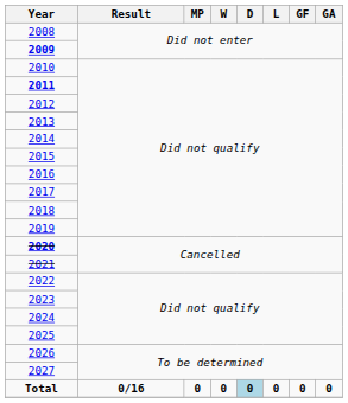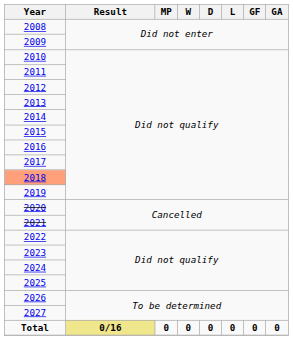 <table class="wikitable" style="text-align: center;">
 <tr>
 <th width=80>Year</th>
 <th width=120>Result</th>
 <th width=25>MP</th>
 <th width=25>W</th>
 <th width=25>D</th>
 <th width=25>L</th>
 <th width=25>GF</th>
 <th width=25>GA</th>
 </tr>
 <tr>
 <td> <a href='#'>2008</a></td>
 <td colspan=8 rowspan=2><em>Did not enter</em></td>
 </tr>
 <tr>
-<td><strong> <a href='#'>2009</a></strong></td>
+<td> <a href='#'>2009</a></td>
 </tr>
 <tr>
 <td> <a href='#'>2010</a></td>
 <td colspan=8 rowspan=10><em>Did not qualify</em></td>
 </tr>
 <tr>
-<td><strong> <a href='#'>2011</a></strong></td>
+<td> <a href='#'>2011</a></td>
 </tr>
 <tr>
 <td> <a href='#'>2012</a></td>
 </tr>
 <tr>
 <td> <a href='#'>2013</a></td>
 </tr>
 <tr>
 <td> <a href='#'>2014</a></td>
 </tr>
 <tr>
 <td> <a href='#'>2015</a></td>
 </tr>
 <tr>
 <td> <a href='#'>2016</a></td>
 </tr>
 <tr>
 <td> <a href='#'>2017</a></td>
 </tr>
 <tr>
-<td> <a href='#'>2018</a></td>
+<td style="background: lightsalmon;"> <a href='#'>2018</a></td>
 </tr>
 <tr>
 <td> <a href='#'>2019</a></td>
 </tr>
 <tr>
-<td><strong> <s><a href='#'>2020</a></s></strong></td>
+<td> <s><a href='#'>2020</a></s></td>
 <td colspan=8 rowspan=2><em>Cancelled</em></td>
 </tr>
 <tr>
 <td> <s><a href='#'>2021</a></s></td>
 </tr>
 <tr>
 <td> <a href='#'>2022</a></td>
 <td colspan=8 rowspan=4><em>Did not qualify</em></td>
 </tr>
 <tr>
 <td> <a href='#'>2023</a></td>
 </tr>
 <tr>
 <td> <a href='#'>2024</a></td>
 </tr>
 <tr>
 <td> <a href='#'>2025</a></td>
 </tr>
 <tr>
 <td> <a href='#'>2026</a></td>
 <td colspan=8 rowspan=2><em>To be determined</em></td>
 </tr>
 <tr>
 <td> <a href='#'>2027</a></td>
 </tr>
 <tr>
 <td><strong>Total</strong></td>
-<td><strong>0/16</strong></td>
+<td style="background: khaki;"><strong>0/16</strong></td>
 <td><strong>0</strong></td>
 <td><strong>0</strong></td>
-<td style="background: lightblue;"><strong>0</strong></td>
+<td><strong>0</strong></td>
 <td><strong>0</strong></td>
 <td><strong>0</strong></td>
 <td><strong>0</strong></td>
 </tr>
 <tr>
 </tr>
 </table>
